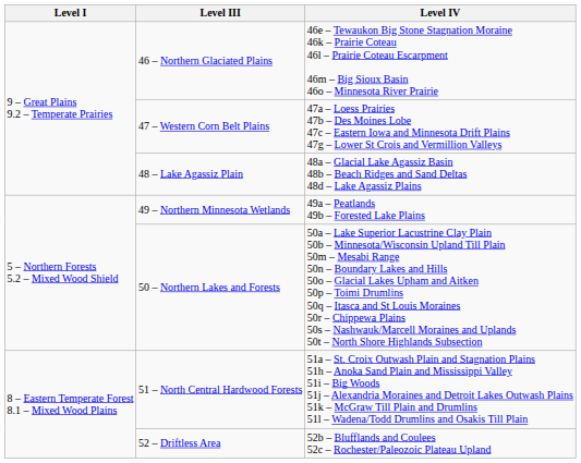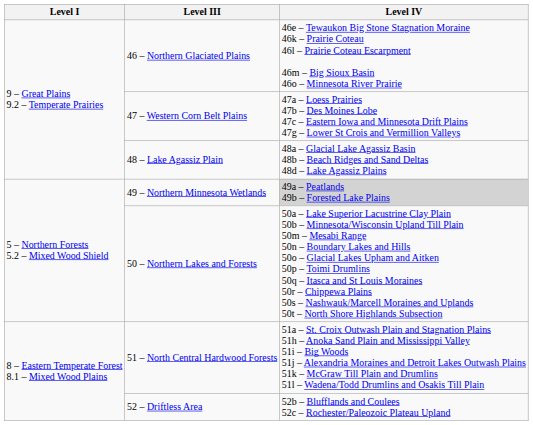 <table class="wikitable">
 <tr>
 <th>Level I</th>
 <th>Level III</th>
 <th>Level IV</th>
 </tr>
 <tr>
 <td rowspan="3">9 – <a href='#'>Great Plains</a><br>9.2 – <a href='#'>Temperate Prairies</a></td>
 <td>46 – <a href='#'>Northern Glaciated Plains</a></td>
 <td>46e – <a href='#'>Tewaukon Big Stone Stagnation Moraine</a><br>46k – <a href='#'>Prairie Coteau</a><br>46l – <a href='#'>Prairie Coteau Escarpment</a><br><br>46m – <a href='#'>Big Sioux Basin</a><br>46o – <a href='#'>Minnesota River Prairie</a></td>
 </tr>
 <tr>
 <td>47 – <a href='#'>Western Corn Belt Plains</a></td>
 <td>47a – <a href='#'>Loess Prairies</a><br> 47b – <a href='#'>Des Moines Lobe</a> <br>47c – <a href='#'>Eastern Iowa and Minnesota Drift Plains</a><br>47g – <a href='#'>Lower St Crois and Vermillion Valleys</a></td>
 </tr>
 <tr>
 <td>48 – <a href='#'>Lake Agassiz Plain</a></td>
 <td>48a – <a href='#'>Glacial Lake Agassiz Basin</a> <br>48b – <a href='#'>Beach Ridges and Sand Deltas</a><br>48d – <a href='#'>Lake Agassiz Plains</a></td>
 </tr>
 <tr>
 <td rowspan="2">5 – <a href='#'>Northern Forests</a><br>5.2 – <a href='#'>Mixed Wood Shield</a></td>
 <td>49 – <a href='#'>Northern Minnesota Wetlands</a></td>
-<td>49a – <a href='#'>Peatlands</a><br>49b – <a href='#'>Forested Lake Plains</a></td>
+<td style="background: lightgrey;">49a – <a href='#'>Peatlands</a><br>49b – <a href='#'>Forested Lake Plains</a></td>
 </tr>
 <tr>
 <td>50 – <a href='#'>Northern Lakes and Forests</a></td>
 <td>50a – <a href='#'>Lake Superior Lacustrine Clay Plain</a><br>50b – <a href='#'>Minnesota/Wisconsin Upland Till Plain</a><br>50m – <a href='#'>Mesabi Range</a><br>50n – <a href='#'>Boundary Lakes and Hills</a><br>50o – <a href='#'>Glacial Lakes Upham and Aitken</a><br>50p – <a href='#'>Toimi Drumlins</a><br>50q – <a href='#'>Itasca and St Louis Moraines</a><br>50r – <a href='#'>Chippewa Plains</a><br>50s – <a href='#'>Nashwauk/Marcell Moraines and Uplands</a><br>50t – <a href='#'>North Shore Highlands Subsection</a></td>
 </tr>
 <tr>
 <td rowspan="2">8 – <a href='#'>Eastern Temperate Forest</a><br>8.1 – <a href='#'>Mixed Wood Plains</a></td>
 <td>51 – <a href='#'>North Central Hardwood Forests</a></td>
 <td>51a – <a href='#'>St. Croix Outwash Plain and Stagnation Plains</a><br>51h – <a href='#'>Anoka Sand Plain and Mississippi Valley</a><br>51i – <a href='#'>Big Woods</a><br>51j – <a href='#'>Alexandria Moraines and Detroit Lakes Outwash Plains</a><br>51k – <a href='#'>McGraw Till Plain and Drumlins</a><br>51l – <a href='#'>Wadena/Todd Drumlins and Osakis Till Plain</a></td>
 </tr>
 <tr>
 <td>52 – <a href='#'>Driftless Area</a></td>
 <td>52b – <a href='#'>Blufflands and Coulees</a><br>52c – <a href='#'>Rochester/Paleozoic Plateau Upland</a></td>
 </tr>
 </table>
